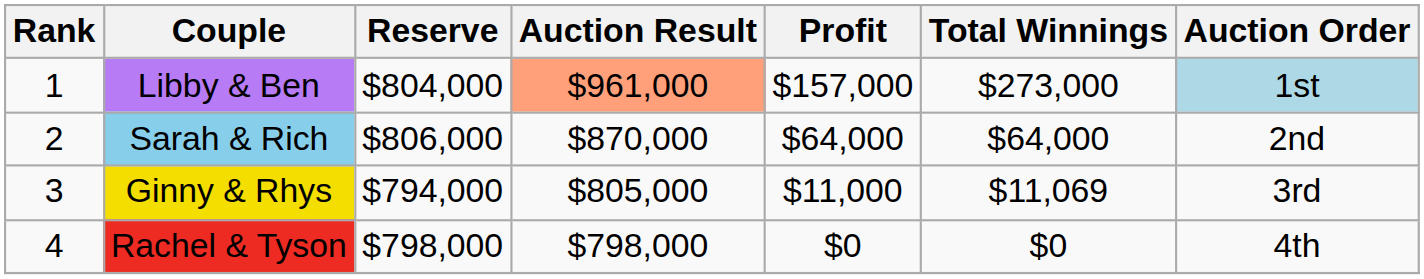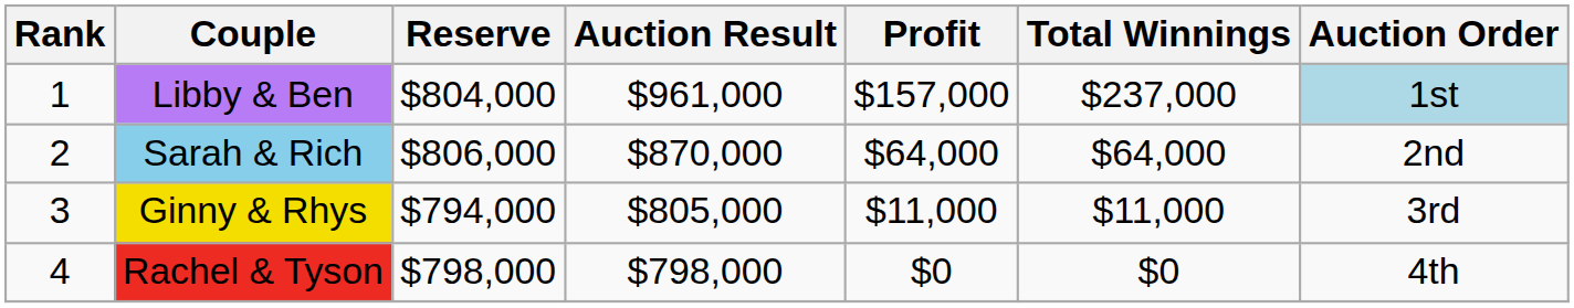 <table class="wikitable sortable" style="text-align: center;">
 <tr>
 <th>Rank</th>
 <th>Couple</th>
 <th>Reserve</th>
 <th>Auction Result</th>
 <th>Profit</th>
 <th>Total Winnings</th>
 <th>Auction Order</th>
 </tr>
 <tr>
 <td style="text-align:center">1</td>
 <td style='background:#B87BF6;'>Libby & Ben</td>
 <td style="text-align:center">$804,000</td>
-<td style="background: lightsalmon; text-align:center">$961,000</td>
+<td style="text-align:center">$961,000</td>
 <td style="text-align:center">$157,000</td>
-<td style="text-align:center">$273,000</td>
+<td style="text-align:center">$237,000</td>
 <td style="background: lightblue; text-align:center">1st</td>
 </tr>
 <tr>
 <td style="text-align:center">2</td>
 <td style='background:SkyBlue;'>Sarah & Rich</td>
 <td style="text-align:center">$806,000</td>
 <td style="text-align:center">$870,000</td>
 <td style="text-align:center">$64,000</td>
 <td style="text-align:center">$64,000</td>
 <td style="text-align:center">2nd</td>
 </tr>
 <tr>
 <td style="text-align:center">3</td>
 <td style='background:#f4de00;'>Ginny & Rhys</td>
 <td style="text-align:center">$794,000</td>
 <td style="text-align:center">$805,000</td>
 <td style="text-align:center">$11,000</td>
-<td style="text-align:center">$11,069</td>
+<td style="text-align:center">$11,000</td>
 <td style="text-align:center">3rd</td>
 </tr>
 <tr>
 <td style="text-align:center">4</td>
 <td style="background:#ed2b22;">Rachel & Tyson</td>
 <td style="text-align:center">$798,000</td>
 <td style="text-align:center">$798,000</td>
 <td style="text-align:center">$0</td>
 <td style="text-align:center">$0</td>
 <td style="text-align:center">4th</td>
 </tr>
 <tr>
 </tr>
 </table>
